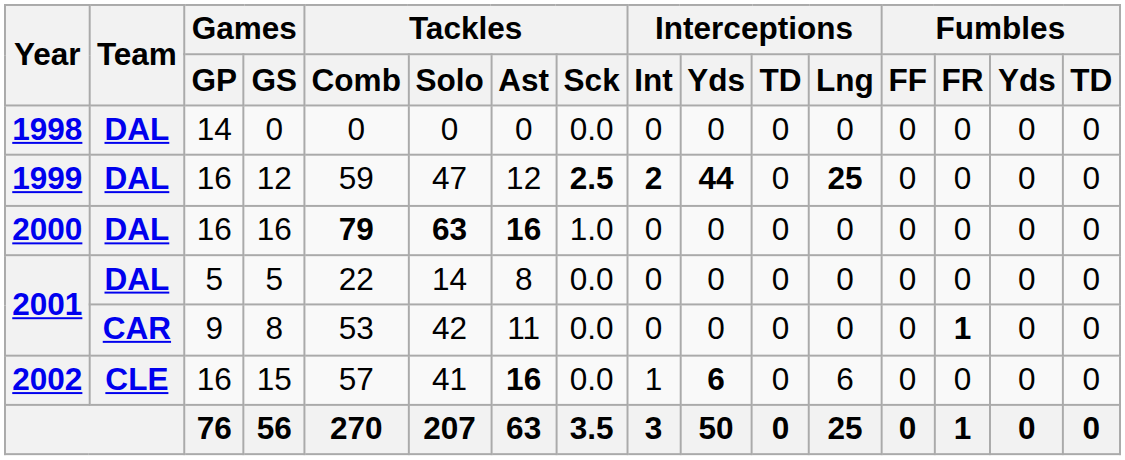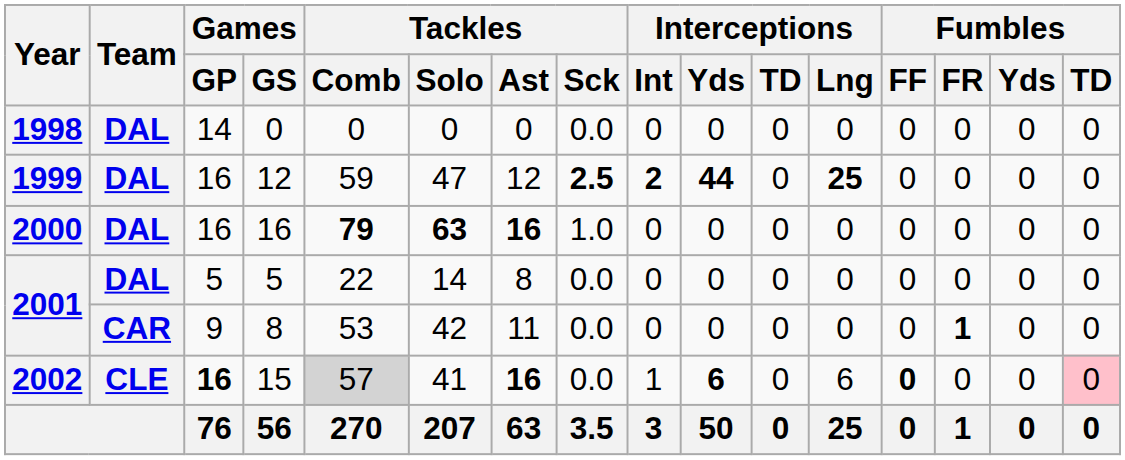 <table class="wikitable" style="text-align:center">
 <tr>
 <th rowspan="2">Year</th>
 <th rowspan="2">Team</th>
 <th colspan="2">Games</th>
 <th colspan="4">Tackles</th>
 <th colspan="4">Interceptions</th>
 <th colspan="4">Fumbles</th>
 </tr>
 <tr>
 <th>GP</th>
 <th>GS</th>
 <th>Comb</th>
 <th>Solo</th>
 <th>Ast</th>
 <th>Sck</th>
 <th>Int</th>
 <th>Yds</th>
 <th>TD</th>
 <th>Lng</th>
 <th>FF</th>
 <th>FR</th>
 <th>Yds</th>
 <th>TD</th>
 </tr>
 <tr>
 <th><a href='#'>1998</a></th>
 <th><a href='#'>DAL</a></th>
 <td>14</td>
 <td>0</td>
 <td>0</td>
 <td>0</td>
 <td>0</td>
 <td>0.0</td>
 <td>0</td>
 <td>0</td>
 <td>0</td>
 <td>0</td>
 <td>0</td>
 <td>0</td>
 <td>0</td>
 <td>0</td>
 </tr>
 <tr>
 <th><a href='#'>1999</a></th>
 <th><a href='#'>DAL</a></th>
 <td>16</td>
 <td>12</td>
 <td>59</td>
 <td>47</td>
 <td>12</td>
 <td><strong>2.5</strong></td>
 <td><strong>2</strong></td>
 <td><strong>44</strong></td>
 <td>0</td>
 <td><strong>25</strong></td>
 <td>0</td>
 <td>0</td>
 <td>0</td>
 <td>0</td>
 </tr>
 <tr>
 <th><a href='#'>2000</a></th>
 <th><a href='#'>DAL</a></th>
 <td>16</td>
 <td>16</td>
 <td><strong>79</strong></td>
 <td><strong>63</strong></td>
 <td><strong>16</strong></td>
 <td>1.0</td>
 <td>0</td>
 <td>0</td>
 <td>0</td>
 <td>0</td>
 <td>0</td>
 <td>0</td>
 <td>0</td>
 <td>0</td>
 </tr>
 <tr>
 <th rowspan="2"><a href='#'>2001</a></th>
 <th><a href='#'>DAL</a></th>
 <td>5</td>
 <td>5</td>
 <td>22</td>
 <td>14</td>
 <td>8</td>
 <td>0.0</td>
 <td>0</td>
 <td>0</td>
 <td>0</td>
 <td>0</td>
 <td>0</td>
 <td>0</td>
 <td>0</td>
 <td>0</td>
 </tr>
 <tr>
 <th><a href='#'>CAR</a></th>
 <td>9</td>
 <td>8</td>
 <td>53</td>
 <td>42</td>
 <td>11</td>
 <td>0.0</td>
 <td>0</td>
 <td>0</td>
 <td>0</td>
 <td>0</td>
 <td>0</td>
 <td><strong>1</strong></td>
 <td>0</td>
 <td>0</td>
 </tr>
 <tr>
 <th><a href='#'>2002</a></th>
 <th><a href='#'>CLE</a></th>
-<td>16</td>
+<td><strong>16</strong></td>
 <td>15</td>
-<td>57</td>
+<td style="background: lightgrey;">57</td>
 <td>41</td>
 <td><strong>16</strong></td>
 <td>0.0</td>
 <td>1</td>
 <td><strong>6</strong></td>
 <td>0</td>
 <td>6</td>
+<td><strong>0</strong></td>
 <td>0</td>
 <td>0</td>
-<td>0</td>
-<td>0</td>
+<td style="background: pink;">0</td>
 </tr>
 <tr>
 <th colspan="2"></th>
 <th>76</th>
 <th>56</th>
 <th>270</th>
 <th>207</th>
 <th>63</th>
 <th>3.5</th>
 <th>3</th>
 <th>50</th>
 <th>0</th>
 <th>25</th>
 <th>0</th>
 <th>1</th>
 <th>0</th>
 <th>0</th>
 </tr>
 </table>
